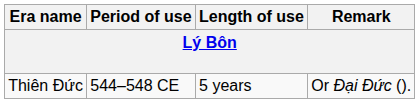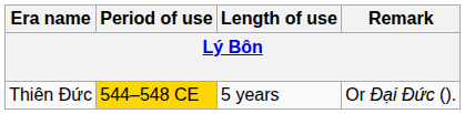 <table class="wikitable">
 <tr>
 <th>Era name</th>
 <th>Period of use</th>
 <th>Length of use</th>
 <th>Remark</th>
 </tr>
 <tr>
 <th colspan="4"><a href='#'>Lý Bôn</a><br><br></th>
 </tr>
 <tr>
 <td>Thiên Đức<br></td>
-<td>544–548 CE</td>
+<td style="background: gold;">544–548 CE</td>
 <td>5 years</td>
 <td>Or <em>Đại Đức</em> ().</td>
 </tr>
 </table>
